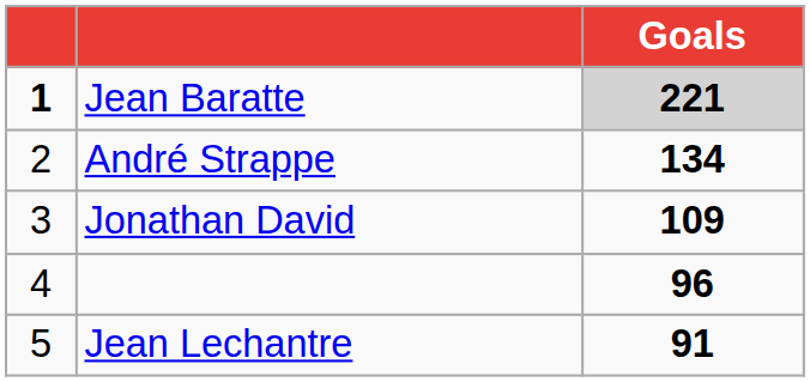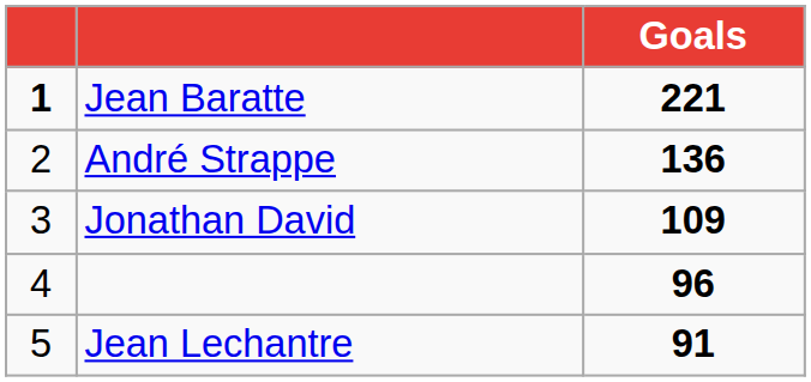 <table class="wikitable" style="text-align: center; width:26%">
 <tr>
 <th style="background:#E83C34; color:#FFFFFF; "></th>
 <th style="background:#E83C34; color:#FFFFFF; "></th>
 <th style="background:#E83C34; color:#FFFFFF; ">Goals</th>
 </tr>
 <tr>
 <td><strong>1</strong></td>
 <td align=left> <a href='#'>Jean Baratte</a></td>
-<td style="background: lightgrey;"><strong>221</strong></td>
+<td><strong>221</strong></td>
 </tr>
 <tr>
 <td>2</td>
 <td align=left> <a href='#'>André Strappe</a></td>
-<td><strong>134</strong></td>
+<td><strong>136</strong></td>
 </tr>
 <tr>
 <td>3</td>
 <td align=left> <a href='#'>Jonathan David</a></td>
 <td><strong>109</strong></td>
 </tr>
 <tr>
 <td>4</td>
 <td align=left></td>
 <td><strong>96</strong></td>
 </tr>
 <tr>
 <td>5</td>
 <td align=left> <a href='#'>Jean Lechantre</a></td>
 <td><strong>91</strong></td>
 </tr>
 </table>
